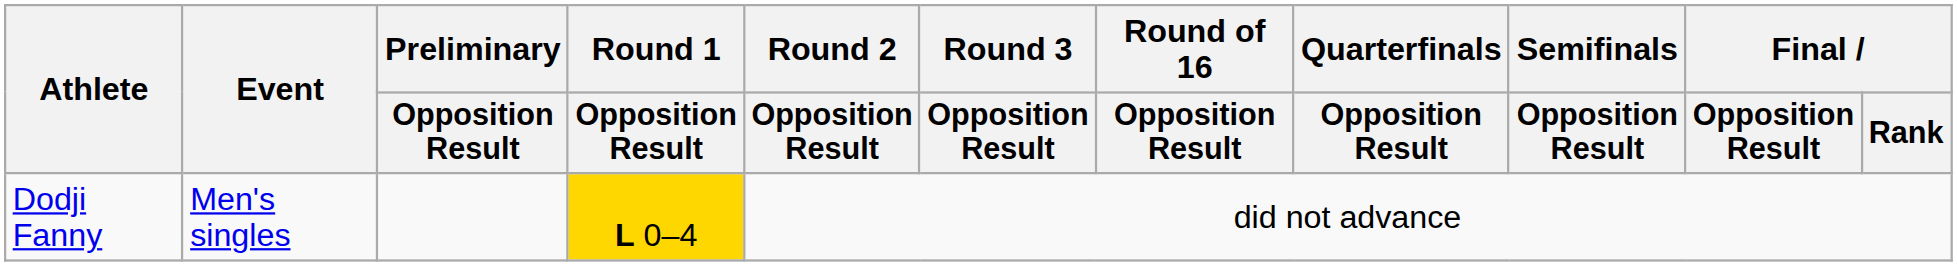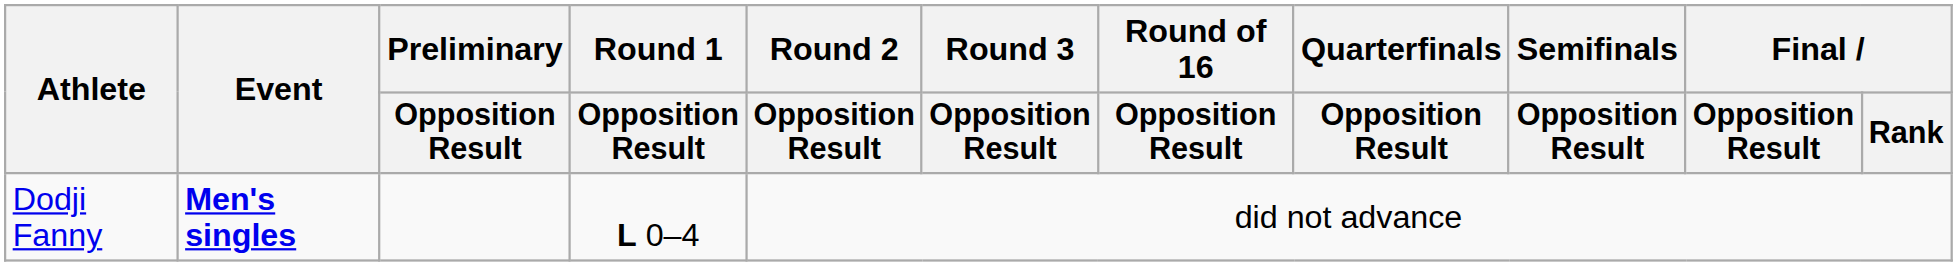 <table class="wikitable" style="font-size:90%;">
 <tr>
 <th rowspan=2>Athlete</th>
 <th rowspan=2>Event</th>
 <th>Preliminary</th>
 <th>Round 1</th>
 <th>Round 2</th>
 <th>Round 3</th>
 <th>Round of 16</th>
 <th>Quarterfinals</th>
 <th>Semifinals</th>
 <th colspan=2>Final / </th>
 </tr>
 <tr style="font-size:95%">
 <th>Opposition<br>Result</th>
 <th>Opposition<br>Result</th>
 <th>Opposition<br>Result</th>
 <th>Opposition<br>Result</th>
 <th>Opposition<br>Result</th>
 <th>Opposition<br>Result</th>
 <th>Opposition<br>Result</th>
 <th>Opposition<br>Result</th>
 <th>Rank</th>
 </tr>
 <tr align=center>
 <td align=left><a href='#'>Dodji Fanny</a></td>
-<td align=left><a href='#'>Men's singles</a></td>
+<td align=left><strong><a href='#'>Men's singles</a></strong></td>
 <td></td>
-<td style="background: gold;"><br><strong>L</strong> 0–4</td>
+<td><br><strong>L</strong> 0–4</td>
 <td colspan=8>did not advance</td>
 </tr>
 </table>
